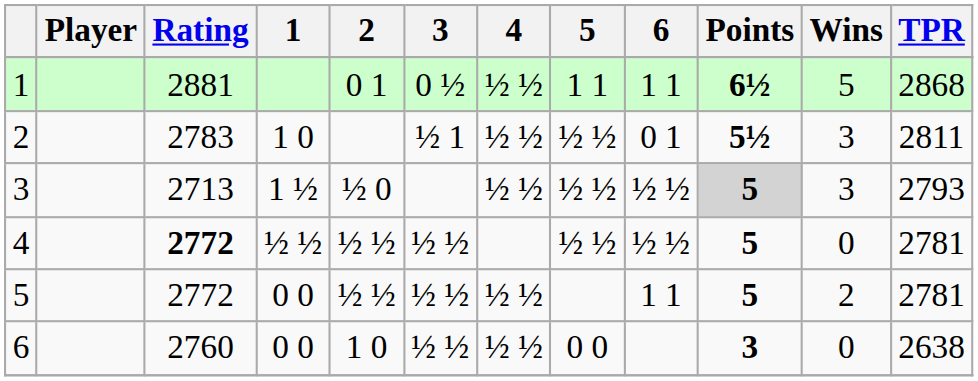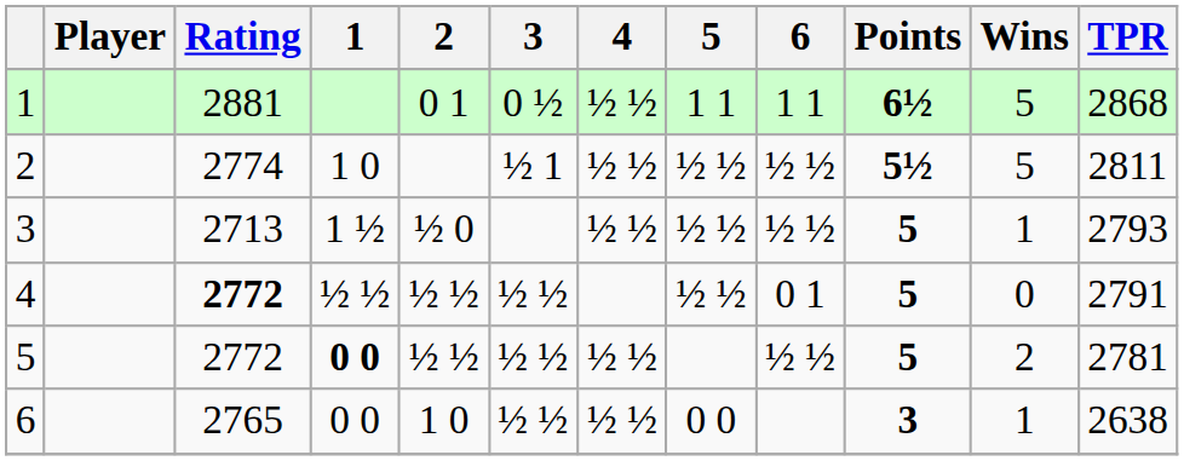 <table class="wikitable" style="text-align:center;">
 <tr>
 <th></th>
 <th>Player</th>
 <th><a href='#'>Rating</a></th>
 <th>1</th>
 <th>2</th>
 <th>3</th>
 <th>4</th>
 <th>5</th>
 <th>6</th>
 <th>Points</th>
 <th>Wins</th>
 <th><a href='#'>TPR</a></th>
 </tr>
 <tr>
 </tr>
 <tr style="background:#ccffcc;">
 <td>1</td>
 <td align=left><strong></strong></td>
 <td>2881</td>
 <td></td>
 <td>0 1</td>
 <td>0 ½</td>
 <td>½ ½</td>
 <td>1 1</td>
 <td>1 1</td>
 <td><strong>6½</strong></td>
 <td>5</td>
 <td>2868</td>
 </tr>
 <tr>
 <td>2</td>
 <td align=left></td>
-<td>2783</td>
+<td>2774</td>
 <td>1 0</td>
 <td></td>
 <td>½ 1</td>
 <td>½ ½</td>
 <td>½ ½</td>
-<td>0 1</td>
+<td>½ ½</td>
 <td><strong>5½</strong></td>
-<td>3</td>
+<td>5</td>
 <td>2811</td>
 </tr>
 <tr>
 <td>3</td>
 <td align=left></td>
 <td>2713</td>
 <td>1 ½</td>
 <td>½ 0</td>
 <td></td>
 <td>½ ½</td>
 <td>½ ½</td>
 <td>½ ½</td>
-<td style="background: lightgrey;"><strong>5</strong></td>
-<td>3</td>
+<td><strong>5</strong></td>
+<td>1</td>
 <td>2793</td>
 </tr>
 <tr>
 <td>4</td>
 <td align=left></td>
 <td><strong>2772</strong></td>
 <td>½ ½</td>
 <td>½ ½</td>
 <td>½ ½</td>
 <td></td>
 <td>½ ½</td>
-<td>½ ½</td>
+<td>0 1</td>
 <td><strong>5</strong></td>
 <td>0</td>
-<td>2781</td>
+<td>2791</td>
 </tr>
 <tr>
 <td>5</td>
 <td align=left></td>
 <td>2772</td>
-<td>0 0</td>
+<td><strong>0 0</strong></td>
 <td>½ ½</td>
 <td>½ ½</td>
 <td>½ ½</td>
 <td></td>
-<td>1 1</td>
+<td>½ ½</td>
 <td><strong>5</strong></td>
 <td>2</td>
 <td>2781</td>
 </tr>
 <tr>
 <td>6</td>
 <td align=left></td>
-<td>2760</td>
+<td>2765</td>
 <td>0 0</td>
 <td>1 0</td>
 <td>½ ½</td>
 <td>½ ½</td>
 <td>0 0</td>
 <td></td>
 <td><strong>3</strong></td>
-<td>0</td>
+<td>1</td>
 <td>2638</td>
 </tr>
 <tr>
 </tr>
 </table>
